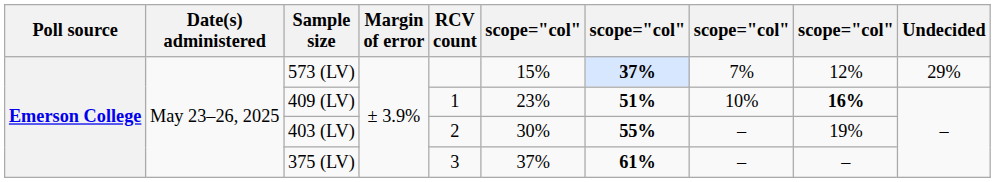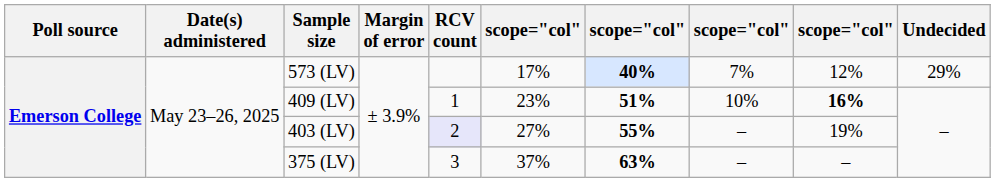 <table class="wikitable plainrowheaders mw-collapsible mw-collapsed sticky-header" style="text-align:center; font-size:90%;">
 <tr>
 <th scope="col">Poll source</th>
 <th scope="col">Date(s)<br>administered</th>
 <th scope="col">Sample<br>size</th>
 <th scope="col">Margin<br>of error</th>
 <th scope="col">RCV<br>count</th>
 <th>scope="col" </th>
 <th>scope="col" </th>
 <th>scope="col" </th>
 <th>scope="col" </th>
 <th scope="col">Undecided</th>
 </tr>
 <tr>
 <th scope="row" rowspan="4"><a href='#'>Emerson College</a></th>
 <td rowspan="4">May 23–26, 2025</td>
 <td>573 (LV)</td>
 <td rowspan="4">± 3.9%</td>
 <td></td>
-<td>15%</td>
-<td style="background:#d7e7ff"><strong>37%</strong></td>
+<td>17%</td>
+<td style="background:#d7e7ff"><strong>40%</strong></td>
 <td>7%</td>
 <td>12%</td>
 <td>29%</td>
 </tr>
 <tr>
 <td>409 (LV)</td>
 <td>1</td>
 <td>23%</td>
 <td><strong>51%</strong></td>
 <td>10%</td>
 <td><strong>16%</strong></td>
 <td rowspan="3">–</td>
 </tr>
 <tr>
 <td>403 (LV)</td>
-<td>2</td>
-<td>30%</td>
+<td style="background: lavender;">2</td>
+<td>27%</td>
 <td><strong>55%</strong></td>
 <td>–</td>
 <td>19%</td>
 </tr>
 <tr>
 <td>375 (LV)</td>
 <td>3</td>
 <td>37%</td>
-<td><strong>61%</strong></td>
+<td><strong>63%</strong></td>
 <td>–</td>
 <td>–</td>
 </tr>
 </table>
